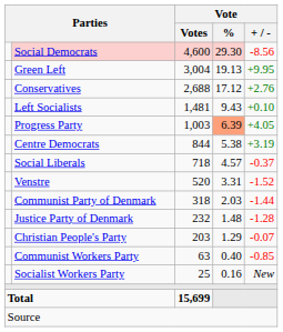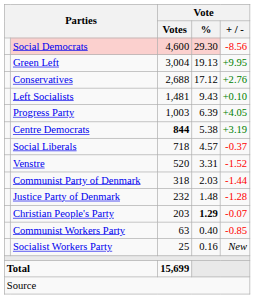 <table class="wikitable" style="text-align:right;">
 <tr>
 <th style="text-align:centre;" rowspan="2" colspan="2" width="225">Parties</th>
 <th colspan="3">Vote</th>
 </tr>
 <tr>
 <th width="15">Votes</th>
 <th width="15">%</th>
 <th width="15">+ / -</th>
 </tr>
 <tr>
 <td width="2" style="color:inherit;background:"></td>
 <td bgcolor=#fbd0ce  align="left"><a href='#'>Social Democrats</a></td>
 <td bgcolor=#fbd0ce>4,600</td>
 <td bgcolor=#fbd0ce>29.30</td>
 <td style=color:red;>-8.56</td>
 </tr>
 <tr>
 <td width="2" style="color:inherit;background:"></td>
 <td align="left"><a href='#'>Green Left</a></td>
 <td>3,004</td>
 <td>19.13</td>
 <td style=color:green;>+9.95</td>
 </tr>
 <tr>
 <td width="2" style="color:inherit;background:"></td>
 <td align="left"><a href='#'>Conservatives</a></td>
 <td>2,688</td>
 <td>17.12</td>
 <td style=color:green;>+2.76</td>
 </tr>
 <tr>
 <td width="2" style="color:inherit;background:"></td>
 <td align="left"><a href='#'>Left Socialists</a></td>
 <td>1,481</td>
 <td>9.43</td>
 <td style=color:green;>+0.10</td>
 </tr>
 <tr>
 <td width="2" style="color:inherit;background:"></td>
 <td align="left"><a href='#'>Progress Party</a></td>
 <td>1,003</td>
-<td style="background: lightsalmon;">6.39</td>
+<td>6.39</td>
 <td style=color:green;>+4.05</td>
 </tr>
 <tr>
 <td width="2" style="color:inherit;background:"></td>
 <td align="left"><a href='#'>Centre Democrats</a></td>
-<td>844</td>
+<td><strong>844</strong></td>
 <td>5.38</td>
 <td style=color:green;>+3.19</td>
 </tr>
 <tr>
 <td width="2" style="color:inherit;background:"></td>
 <td align="left"><a href='#'>Social Liberals</a></td>
 <td>718</td>
 <td>4.57</td>
 <td style=color:red;>-0.37</td>
 </tr>
 <tr>
 <td width="2" style="color:inherit;background:"></td>
 <td align="left"><a href='#'>Venstre</a></td>
 <td>520</td>
 <td>3.31</td>
 <td style=color:red;>-1.52</td>
 </tr>
 <tr>
 <td width="2" style="color:inherit;background:"></td>
 <td align="left"><a href='#'>Communist Party of Denmark</a></td>
 <td>318</td>
 <td>2.03</td>
 <td style=color:red;>-1.44</td>
 </tr>
 <tr>
 <td width="2" style="color:inherit;background:"></td>
 <td align="left"><a href='#'>Justice Party of Denmark</a></td>
 <td>232</td>
 <td>1.48</td>
 <td style=color:red;>-1.28</td>
 </tr>
 <tr>
 <td width="2" style="color:inherit;background:"></td>
 <td align="left"><a href='#'>Christian People's Party</a></td>
 <td>203</td>
-<td>1.29</td>
+<td><strong>1.29</strong></td>
 <td style=color:red;>-0.07</td>
 </tr>
 <tr>
 <td width="2" style="color:inherit;background:"></td>
 <td align="left"><a href='#'>Communist Workers Party</a></td>
 <td>63</td>
 <td>0.40</td>
 <td style=color:red;>-0.85</td>
 </tr>
 <tr>
 <td width="2" style="color:inherit;background:"></td>
 <td align="left"><a href='#'>Socialist Workers Party</a></td>
 <td>25</td>
 <td>0.16</td>
 <td><em>New</em></td>
 </tr>
 <tr>
 <td colspan="7" bgcolor="#E9E9E9"></td>
 </tr>
 <tr>
 <td align="left" colspan="2"><strong>Total</strong></td>
 <td><strong>15,699</strong></td>
 <td bgcolor="#E9E9E9" colspan="2"></td>
 </tr>
 <tr>
 <td align="left" colspan="6">Source</td>
 </tr>
 </table>
